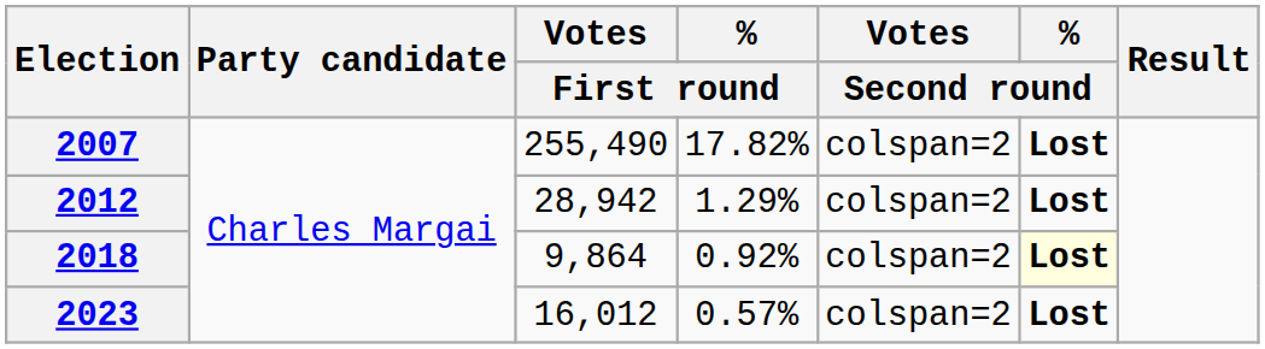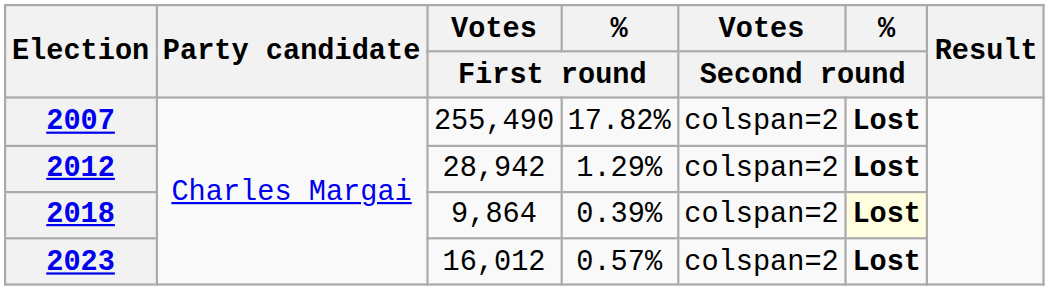 <table class="wikitable" style="text-align:center">
 <tr>
 <th rowspan="2">Election</th>
 <th rowspan="2">Party candidate</th>
 <th>Votes</th>
 <th>%</th>
 <th>Votes</th>
 <th>%</th>
 <th rowspan="2">Result</th>
 </tr>
 <tr>
 <th colspan="2">First round</th>
 <th colspan="2">Second round</th>
 </tr>
 <tr>
 <th><a href='#'>2007</a></th>
 <td rowspan=4><a href='#'>Charles Margai</a></td>
 <td>255,490</td>
 <td>17.82%</td>
 <td>colspan=2 </td>
 <td><strong>Lost</strong> </td>
 </tr>
 <tr>
 <th><a href='#'>2012</a></th>
 <td>28,942</td>
 <td>1.29%</td>
 <td>colspan=2 </td>
 <td><strong>Lost</strong> </td>
 </tr>
 <tr>
 <th><a href='#'>2018</a></th>
 <td>9,864</td>
-<td>0.92%</td>
+<td>0.39%</td>
 <td>colspan=2 </td>
 <td style="background: lightyellow;"><strong>Lost</strong> </td>
 </tr>
 <tr>
 <th><a href='#'>2023</a></th>
 <td>16,012</td>
 <td>0.57%</td>
 <td>colspan=2 </td>
 <td><strong>Lost</strong> </td>
 </tr>
 </table>
